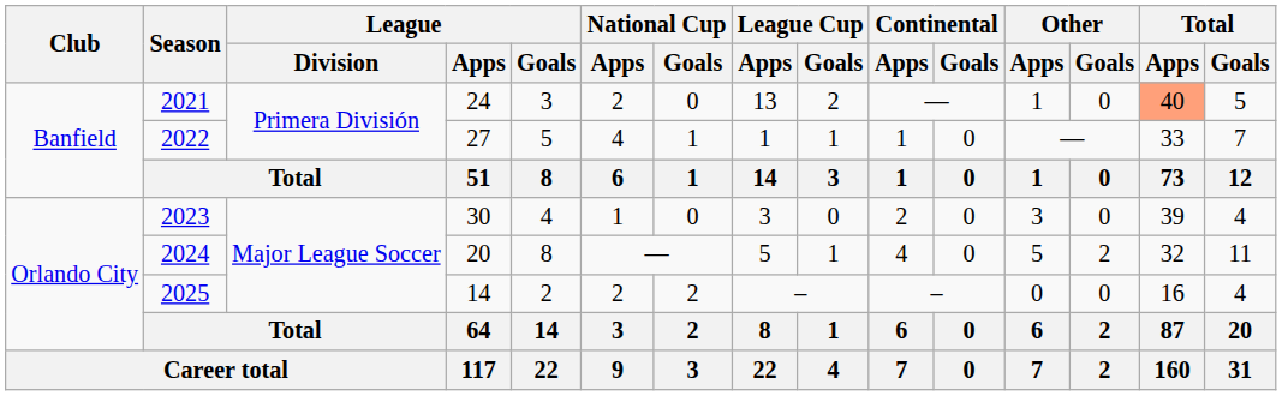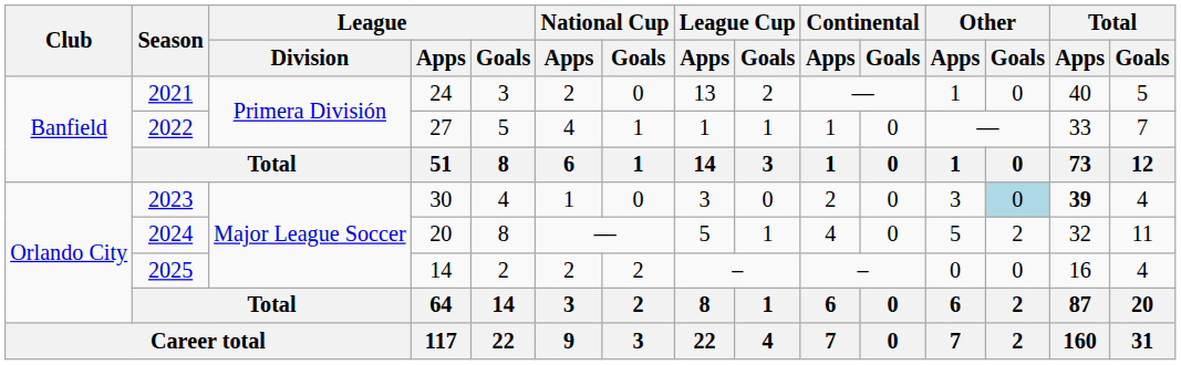 <table class="wikitable" style="text-align:center">
 <tr>
 <th rowspan="2">Club</th>
 <th rowspan="2">Season</th>
 <th colspan="3">League</th>
 <th colspan="2">National Cup</th>
 <th colspan="2">League Cup</th>
 <th colspan="2">Continental</th>
 <th colspan="2">Other</th>
 <th colspan="2">Total</th>
 </tr>
 <tr>
 <th>Division</th>
 <th>Apps</th>
 <th>Goals</th>
 <th>Apps</th>
 <th>Goals</th>
 <th>Apps</th>
 <th>Goals</th>
 <th>Apps</th>
 <th>Goals</th>
 <th>Apps</th>
 <th>Goals</th>
 <th>Apps</th>
 <th>Goals</th>
 </tr>
 <tr>
 <td rowspan="3"><a href='#'>Banfield</a></td>
 <td><a href='#'>2021</a></td>
 <td rowspan="2"><a href='#'>Primera División</a></td>
 <td>24</td>
 <td>3</td>
 <td>2</td>
 <td>0</td>
 <td>13</td>
 <td>2</td>
 <td colspan="2">—</td>
 <td>1</td>
 <td>0</td>
-<td style="background: lightsalmon;">40</td>
+<td>40</td>
 <td>5</td>
 </tr>
 <tr>
 <td><a href='#'>2022</a></td>
 <td>27</td>
 <td>5</td>
 <td>4</td>
 <td>1</td>
 <td>1</td>
 <td>1</td>
 <td>1</td>
 <td>0</td>
 <td colspan="2">—</td>
 <td>33</td>
 <td>7</td>
 </tr>
 <tr>
 <th colspan="2">Total</th>
 <th>51</th>
 <th>8</th>
 <th>6</th>
 <th>1</th>
 <th>14</th>
 <th>3</th>
 <th>1</th>
 <th>0</th>
 <th>1</th>
 <th>0</th>
 <th>73</th>
 <th>12</th>
 </tr>
 <tr>
 <td rowspan="4"><a href='#'>Orlando City</a></td>
 <td><a href='#'>2023</a></td>
 <td rowspan="3"><a href='#'>Major League Soccer</a></td>
 <td>30</td>
 <td>4</td>
 <td>1</td>
 <td>0</td>
 <td>3</td>
 <td>0</td>
 <td>2</td>
 <td>0</td>
 <td>3</td>
-<td>0</td>
-<td>39</td>
+<td style="background: lightblue;">0</td>
+<td><strong>39</strong></td>
 <td>4</td>
 </tr>
 <tr>
 <td><a href='#'>2024</a></td>
 <td>20</td>
 <td>8</td>
 <td colspan="2">—</td>
 <td>5</td>
 <td>1</td>
 <td>4</td>
 <td>0</td>
 <td>5</td>
 <td>2</td>
 <td>32</td>
 <td>11</td>
 </tr>
 <tr>
 <td><a href='#'>2025</a></td>
 <td>14</td>
 <td>2</td>
 <td>2</td>
 <td>2</td>
 <td colspan="2">–</td>
 <td colspan="2">–</td>
 <td>0</td>
 <td>0</td>
 <td>16</td>
 <td>4</td>
 </tr>
 <tr>
 <th colspan="2">Total</th>
 <th>64</th>
 <th>14</th>
 <th>3</th>
 <th>2</th>
 <th>8</th>
 <th>1</th>
 <th>6</th>
 <th>0</th>
 <th>6</th>
 <th>2</th>
 <th>87</th>
 <th>20</th>
 </tr>
 <tr>
 <th colspan="3">Career total</th>
 <th>117</th>
 <th>22</th>
 <th>9</th>
 <th>3</th>
 <th>22</th>
 <th>4</th>
 <th>7</th>
 <th>0</th>
 <th>7</th>
 <th>2</th>
 <th>160</th>
 <th>31</th>
 </tr>
 </table>
